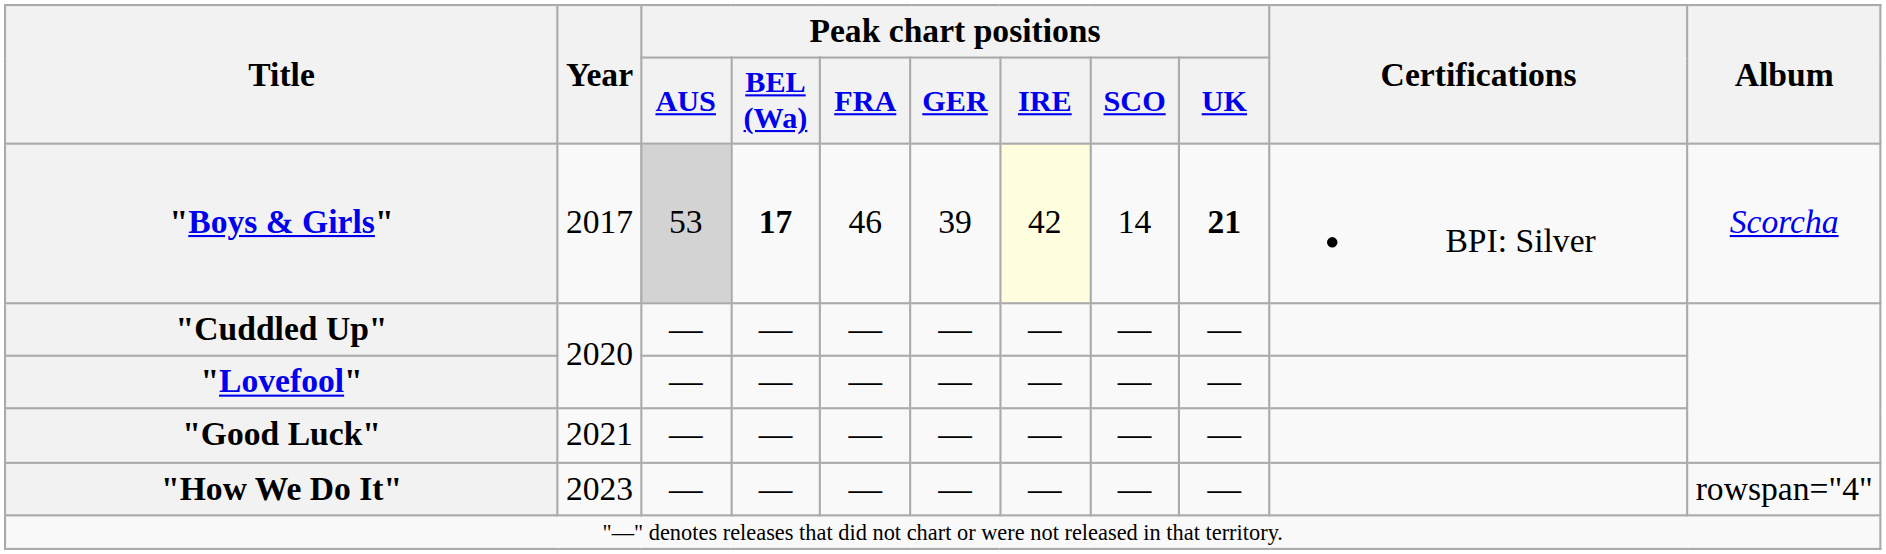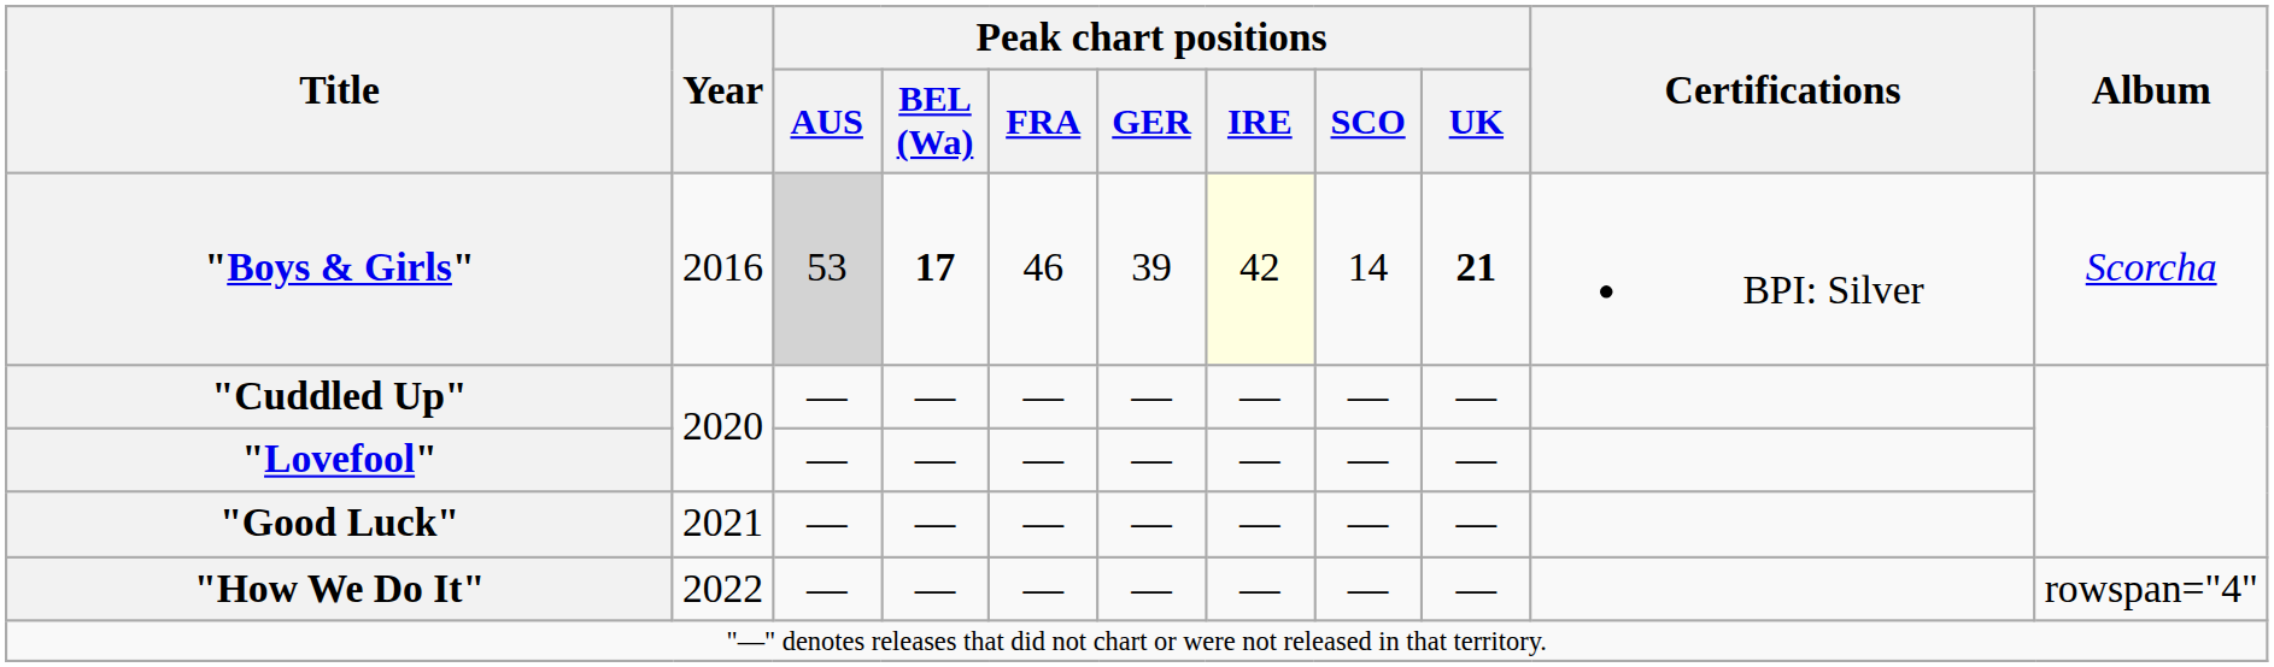 <table class="wikitable plainrowheaders" style="text-align:center;" border="1">
 <tr>
 <th scope="col" rowspan="2" style="width:16em;">Title</th>
 <th scope="col" rowspan="2">Year</th>
 <th scope="col" colspan="7">Peak chart positions</th>
 <th scope="col" rowspan="2" style="width:12em;">Certifications</th>
 <th scope="col" rowspan="2">Album</th>
 </tr>
 <tr>
 <th scope="col" style="width:2.5em;font-size:90%;"><a href='#'>AUS</a><br></th>
 <th scope="col" style="width:2.5em;font-size:90%;"><a href='#'>BEL<br>(Wa)</a><br></th>
 <th scope="col" style="width:2.5em;font-size:90%;"><a href='#'>FRA</a><br></th>
 <th scope="col" style="width:2.5em;font-size:90%;"><a href='#'>GER</a><br></th>
 <th scope="col" style="width:2.5em;font-size:90%;"><a href='#'>IRE</a><br></th>
 <th scope="col" style="width:2.5em;font-size:90%;"><a href='#'>SCO</a><br></th>
 <th scope="col" style="width:2.5em;font-size:90%;"><a href='#'>UK</a><br></th>
 </tr>
 <tr>
 <th scope="row">"<a href='#'>Boys & Girls</a>"<br></th>
-<td>2017</td>
+<td>2016</td>
 <td style="background: lightgrey;">53</td>
 <td><strong>17</strong></td>
 <td>46</td>
 <td>39</td>
 <td style="background: lightyellow;">42</td>
 <td>14</td>
 <td><strong>21</strong></td>
 <td><br><ul><li>BPI: Silver</li></ul></td>
 <td><em><a href='#'>Scorcha</a></em></td>
 </tr>
 <tr>
 <th scope="row">"Cuddled Up"<br></th>
 <td rowspan="2">2020</td>
 <td>—</td>
 <td>—</td>
 <td>—</td>
 <td>—</td>
 <td>—</td>
 <td>—</td>
 <td>—</td>
 <td></td>
 </tr>
 <tr>
 <th scope="row">"<a href='#'>Lovefool</a>"<br></th>
 <td>—</td>
 <td>—</td>
 <td>—</td>
 <td>—</td>
 <td>—</td>
 <td>—</td>
 <td>—</td>
 <td></td>
 </tr>
 <tr>
 <th scope="row">"Good Luck" <br></th>
 <td>2021</td>
 <td>—</td>
 <td>—</td>
 <td>—</td>
 <td>—</td>
 <td>—</td>
 <td>—</td>
 <td>—</td>
 <td></td>
 </tr>
 <tr>
 <th scope="row">"How We Do It" <br></th>
-<td>2023</td>
+<td>2022</td>
 <td>—</td>
 <td>—</td>
 <td>—</td>
 <td>—</td>
 <td>—</td>
 <td>—</td>
 <td>—</td>
 <td></td>
 <td>rowspan="4" </td>
 </tr>
 <tr>
 <td colspan="15" style="font-size:8pt">"—" denotes releases that did not chart or were not released in that territory.</td>
 </tr>
 </table>
